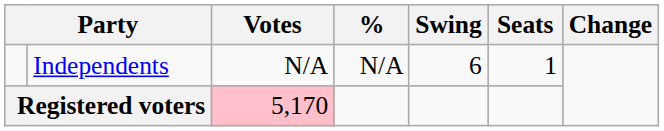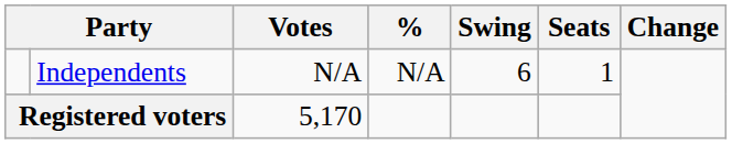 <table class="wikitable" style="text-align:right; margin-bottom:0">
 <tr>
 <th style="width:10px" colspan=3>Party</th>
 <th style="width:70px;">Votes</th>
 <th style="width:40px;">%</th>
 <th style="width:40px;">Swing</th>
 <th style="width:40px;">Seats</th>
 <th style="width:40px;">Change</th>
 </tr>
 <tr>
 <td> </td>
 <td style="text-align:left;" colspan="2"><a href='#'>Independents</a></td>
 <td>N/A</td>
 <td>N/A</td>
 <td>6</td>
 <td> 1</td>
 </tr>
 <tr>
 <th colspan="3" rowspan="1"> Registered voters</th>
-<td style="background: pink;">5,170</td>
+<td>5,170</td>
 <td></td>
 <td></td>
 <td></td>
 </tr>
 </table>
